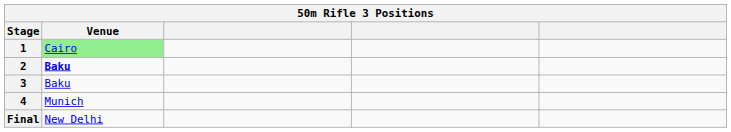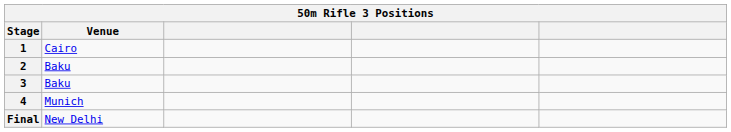 <table class="wikitable">
 <tr>
 <th colspan="5">50m Rifle 3 Positions</th>
 </tr>
 <tr>
 <th>Stage</th>
 <th width=140>Venue</th>
 <th width=220></th>
 <th width=220></th>
 <th width=220></th>
 </tr>
 <tr>
 <th>1</th>
-<td style="background: lightgreen;"> <a href='#'>Cairo</a></td>
+<td> <a href='#'>Cairo</a></td>
 <td></td>
 <td></td>
 <td></td>
 </tr>
 <tr>
 <th>2</th>
-<td><strong> <a href='#'>Baku</a></strong></td>
+<td> <a href='#'>Baku</a></td>
 <td></td>
 <td></td>
 <td></td>
 </tr>
 <tr>
 <th>3</th>
 <td> <a href='#'>Baku</a></td>
 <td></td>
 <td></td>
 <td></td>
 </tr>
 <tr>
 <th>4</th>
 <td> <a href='#'>Munich</a></td>
 <td></td>
 <td></td>
 <td></td>
 </tr>
 <tr>
 <th>Final</th>
 <td> <a href='#'>New Delhi</a></td>
 <td></td>
 <td></td>
 <td></td>
 </tr>
 </table>
